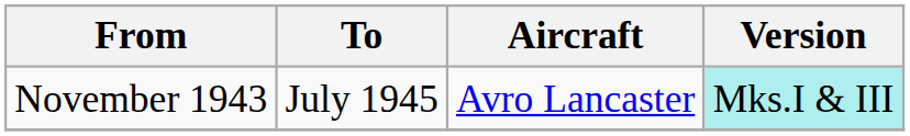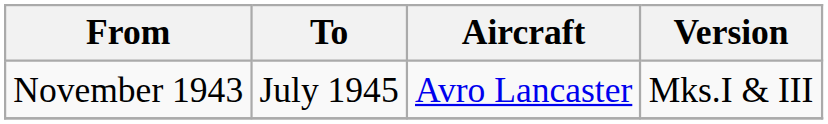 <table class="wikitable">
 <tr>
 <th>From</th>
 <th>To</th>
 <th>Aircraft</th>
 <th>Version</th>
 </tr>
 <tr>
 <td>November 1943</td>
 <td>July 1945</td>
 <td><a href='#'>Avro Lancaster</a></td>
-<td style="background: paleturquoise;">Mks.I & III</td>
+<td>Mks.I & III</td>
 </tr>
 <tr>
 </tr>
 </table>
